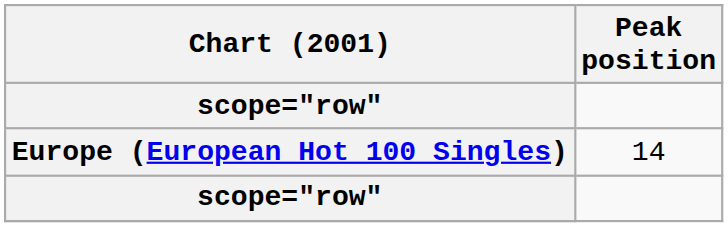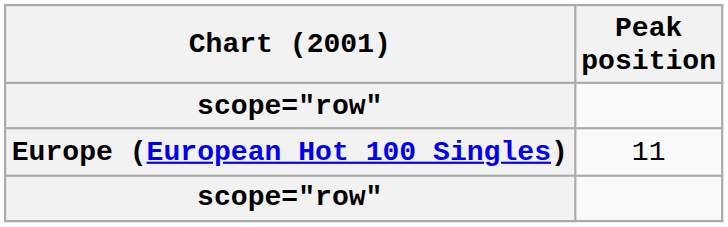 <table class="wikitable sortable plainrowheaders">
 <tr>
 <th>Chart (2001)</th>
 <th>Peak<br>position</th>
 </tr>
 <tr>
 <th>scope="row"</th>
 </tr>
 <tr>
 <th scope="row">Europe (<a href='#'>European Hot 100 Singles</a>)</th>
-<td style="text-align:center;">14</td>
+<td style="text-align:center;">11</td>
 </tr>
 <tr>
 <th>scope="row"</th>
 </tr>
 <tr>
 </tr>
 </table>
